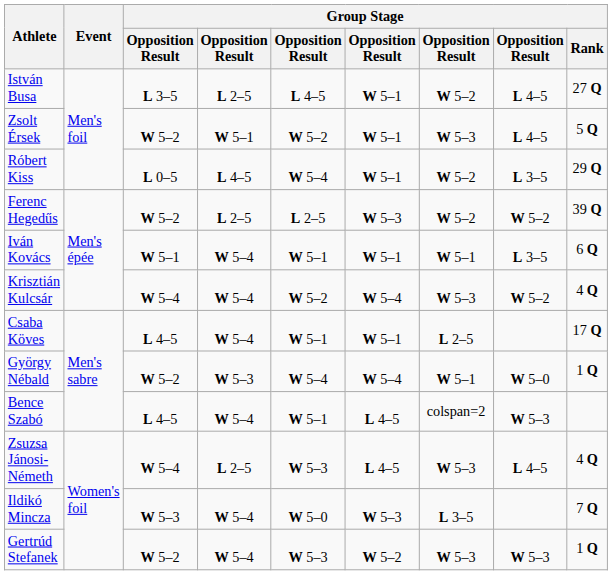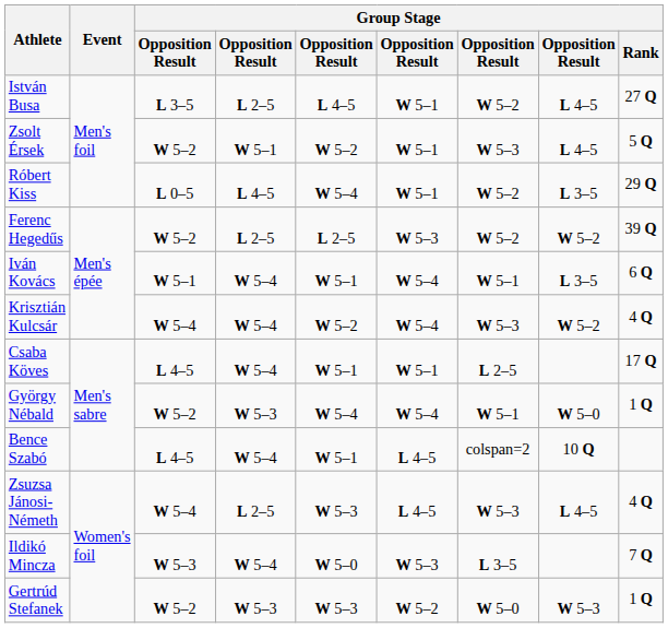 <table class=wikitable style="font-size:90%">
 <tr>
 <th rowspan="2">Athlete</th>
 <th rowspan="2">Event</th>
 <th colspan="7">Group Stage</th>
 </tr>
 <tr>
 <th>Opposition<br>Result</th>
 <th>Opposition<br>Result</th>
 <th>Opposition<br>Result</th>
 <th>Opposition<br>Result</th>
 <th>Opposition<br>Result</th>
 <th>Opposition<br>Result</th>
 <th>Rank</th>
 </tr>
 <tr align=center>
 <td align=left><a href='#'>István Busa</a></td>
 <td align=left rowspan=3><a href='#'>Men's foil</a></td>
 <td><br><strong>L</strong> 3–5</td>
 <td><br><strong>L</strong> 2–5</td>
 <td><br><strong>L</strong> 4–5</td>
 <td><br><strong>W</strong> 5–1</td>
 <td><br><strong>W</strong> 5–2</td>
 <td><br><strong>L</strong> 4–5</td>
 <td>27 <strong>Q</strong></td>
 </tr>
 <tr align=center>
 <td align=left><a href='#'>Zsolt Érsek</a></td>
 <td><br><strong>W</strong> 5–2</td>
 <td><br><strong>W</strong> 5–1</td>
 <td><br><strong>W</strong> 5–2</td>
 <td><br><strong>W</strong> 5–1</td>
 <td><br><strong>W</strong> 5–3</td>
 <td><br><strong>L</strong> 4–5</td>
 <td>5 <strong>Q</strong></td>
 </tr>
 <tr align=center>
 <td align=left><a href='#'>Róbert Kiss</a></td>
 <td><br><strong>L</strong> 0–5</td>
 <td><br><strong>L</strong> 4–5</td>
 <td><br><strong>W</strong> 5–4</td>
 <td><br><strong>W</strong> 5–1</td>
 <td><br><strong>W</strong> 5–2</td>
 <td><br><strong>L</strong> 3–5</td>
 <td>29 <strong>Q</strong></td>
 </tr>
 <tr align=center>
 <td align=left><a href='#'>Ferenc Hegedűs</a></td>
 <td align=left rowspan=3><a href='#'>Men's épée</a></td>
 <td><br><strong>W</strong> 5–2</td>
 <td><br><strong>L</strong> 2–5</td>
 <td><br><strong>L</strong> 2–5</td>
 <td><br><strong>W</strong> 5–3</td>
 <td><br><strong>W</strong> 5–2</td>
 <td><br><strong>W</strong> 5–2</td>
 <td>39 <strong>Q</strong></td>
 </tr>
 <tr align=center>
 <td align=left><a href='#'>Iván Kovács</a></td>
 <td><br><strong>W</strong> 5–1</td>
 <td><br><strong>W</strong> 5–4</td>
 <td><br><strong>W</strong> 5–1</td>
-<td><br><strong>W</strong> 5–1</td>
+<td><br><strong>W</strong> 5–4</td>
 <td><br><strong>W</strong> 5–1</td>
 <td><br><strong>L</strong> 3–5</td>
 <td>6 <strong>Q</strong></td>
 </tr>
 <tr align=center>
 <td align=left><a href='#'>Krisztián Kulcsár</a></td>
 <td><br><strong>W</strong> 5–4</td>
 <td><br><strong>W</strong> 5–4</td>
 <td><br><strong>W</strong> 5–2</td>
 <td><br><strong>W</strong> 5–4</td>
 <td><br><strong>W</strong> 5–3</td>
 <td><br><strong>W</strong> 5–2</td>
 <td>4 <strong>Q</strong></td>
 </tr>
 <tr align=center>
 <td align=left><a href='#'>Csaba Köves</a></td>
 <td align=left rowspan=3><a href='#'>Men's sabre</a></td>
 <td><br><strong>L</strong> 4–5</td>
 <td><br><strong>W</strong> 5–4</td>
 <td><br><strong>W</strong> 5–1</td>
 <td><br><strong>W</strong> 5–1</td>
 <td><br><strong>L</strong> 2–5</td>
 <td></td>
 <td>17 <strong>Q</strong></td>
 </tr>
 <tr align=center>
 <td align=left><a href='#'>György Nébald</a></td>
 <td><br><strong>W</strong> 5–2</td>
 <td><br><strong>W</strong> 5–3</td>
 <td><br><strong>W</strong> 5–4</td>
 <td><br><strong>W</strong> 5–4</td>
 <td><br><strong>W</strong> 5–1</td>
 <td><br><strong>W</strong> 5–0</td>
 <td>1 <strong>Q</strong></td>
 </tr>
 <tr align=center>
 <td align=left><a href='#'>Bence Szabó</a></td>
 <td><br><strong>L</strong> 4–5</td>
 <td><br><strong>W</strong> 5–4</td>
 <td><br><strong>W</strong> 5–1</td>
 <td><br><strong>L</strong> 4–5</td>
 <td>colspan=2</td>
-<td><br><strong>W</strong> 5–3</td>
+<td>10 <strong>Q</strong></td>
 </tr>
 <tr align=center>
 <td align=left><a href='#'>Zsuzsa Jánosi-Németh</a></td>
 <td align=left rowspan=3><a href='#'>Women's foil</a></td>
 <td><br><strong>W</strong> 5–4</td>
 <td><br><strong>L</strong> 2–5</td>
 <td><br><strong>W</strong> 5–3</td>
 <td><br><strong>L</strong> 4–5</td>
 <td><br><strong>W</strong> 5–3</td>
 <td><br><strong>L</strong> 4–5</td>
 <td>4 <strong>Q</strong></td>
 </tr>
 <tr align=center>
 <td align=left><a href='#'>Ildikó Mincza</a></td>
 <td><br><strong>W</strong> 5–3</td>
 <td><br><strong>W</strong> 5–4</td>
 <td><br><strong>W</strong> 5–0</td>
 <td><br><strong>W</strong> 5–3</td>
 <td><br><strong>L</strong> 3–5</td>
 <td></td>
 <td>7 <strong>Q</strong></td>
 </tr>
 <tr align=center>
 <td align=left><a href='#'>Gertrúd Stefanek</a></td>
 <td><br><strong>W</strong> 5–2</td>
-<td><br><strong>W</strong> 5–4</td>
+<td><br><strong>W</strong> 5–3</td>
 <td><br><strong>W</strong> 5–3</td>
 <td><br><strong>W</strong> 5–2</td>
-<td><br><strong>W</strong> 5–3</td>
+<td><br><strong>W</strong> 5–0</td>
 <td><br><strong>W</strong> 5–3</td>
 <td>1 <strong>Q</strong></td>
 </tr>
 </table>
